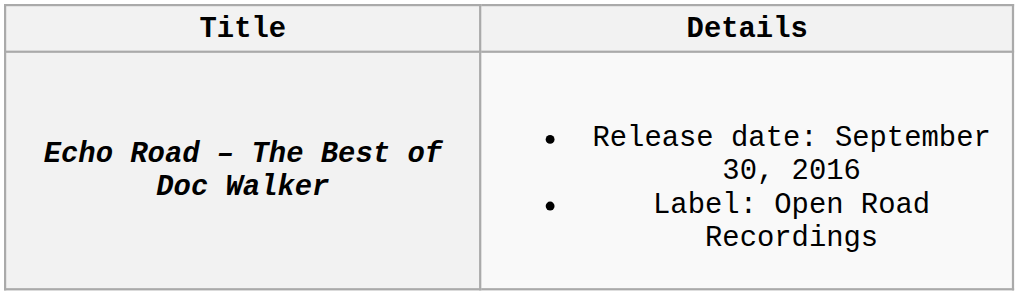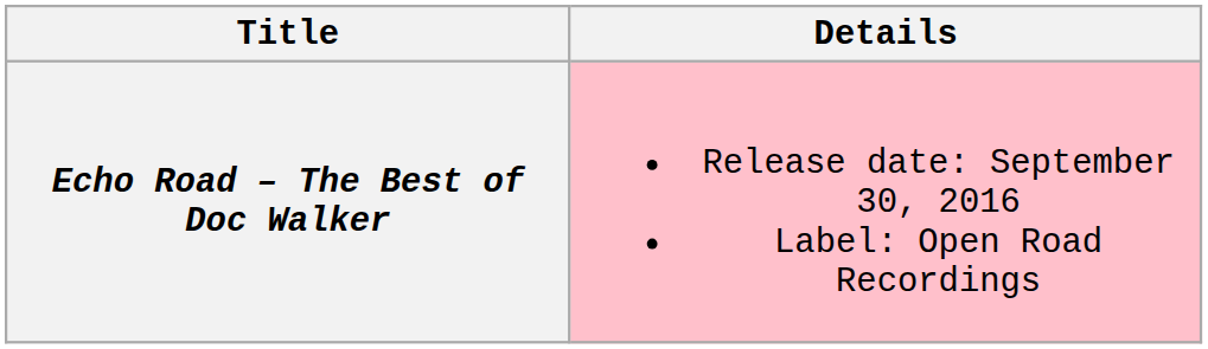 <table class="wikitable plainrowheaders" style="text-align:center;">
 <tr>
 <th style="width:16em;">Title</th>
 <th style="width:18em;">Details</th>
 </tr>
 <tr>
 <th scope="row"><em>Echo Road – The Best of Doc Walker</em></th>
-<td><br><ul><li>Release date: September 30, 2016</li><li>Label: Open Road Recordings</li></ul></td>
+<td style="background: pink;"><br><ul><li>Release date: September 30, 2016</li><li>Label: Open Road Recordings</li></ul></td>
 </tr>
 </table>
